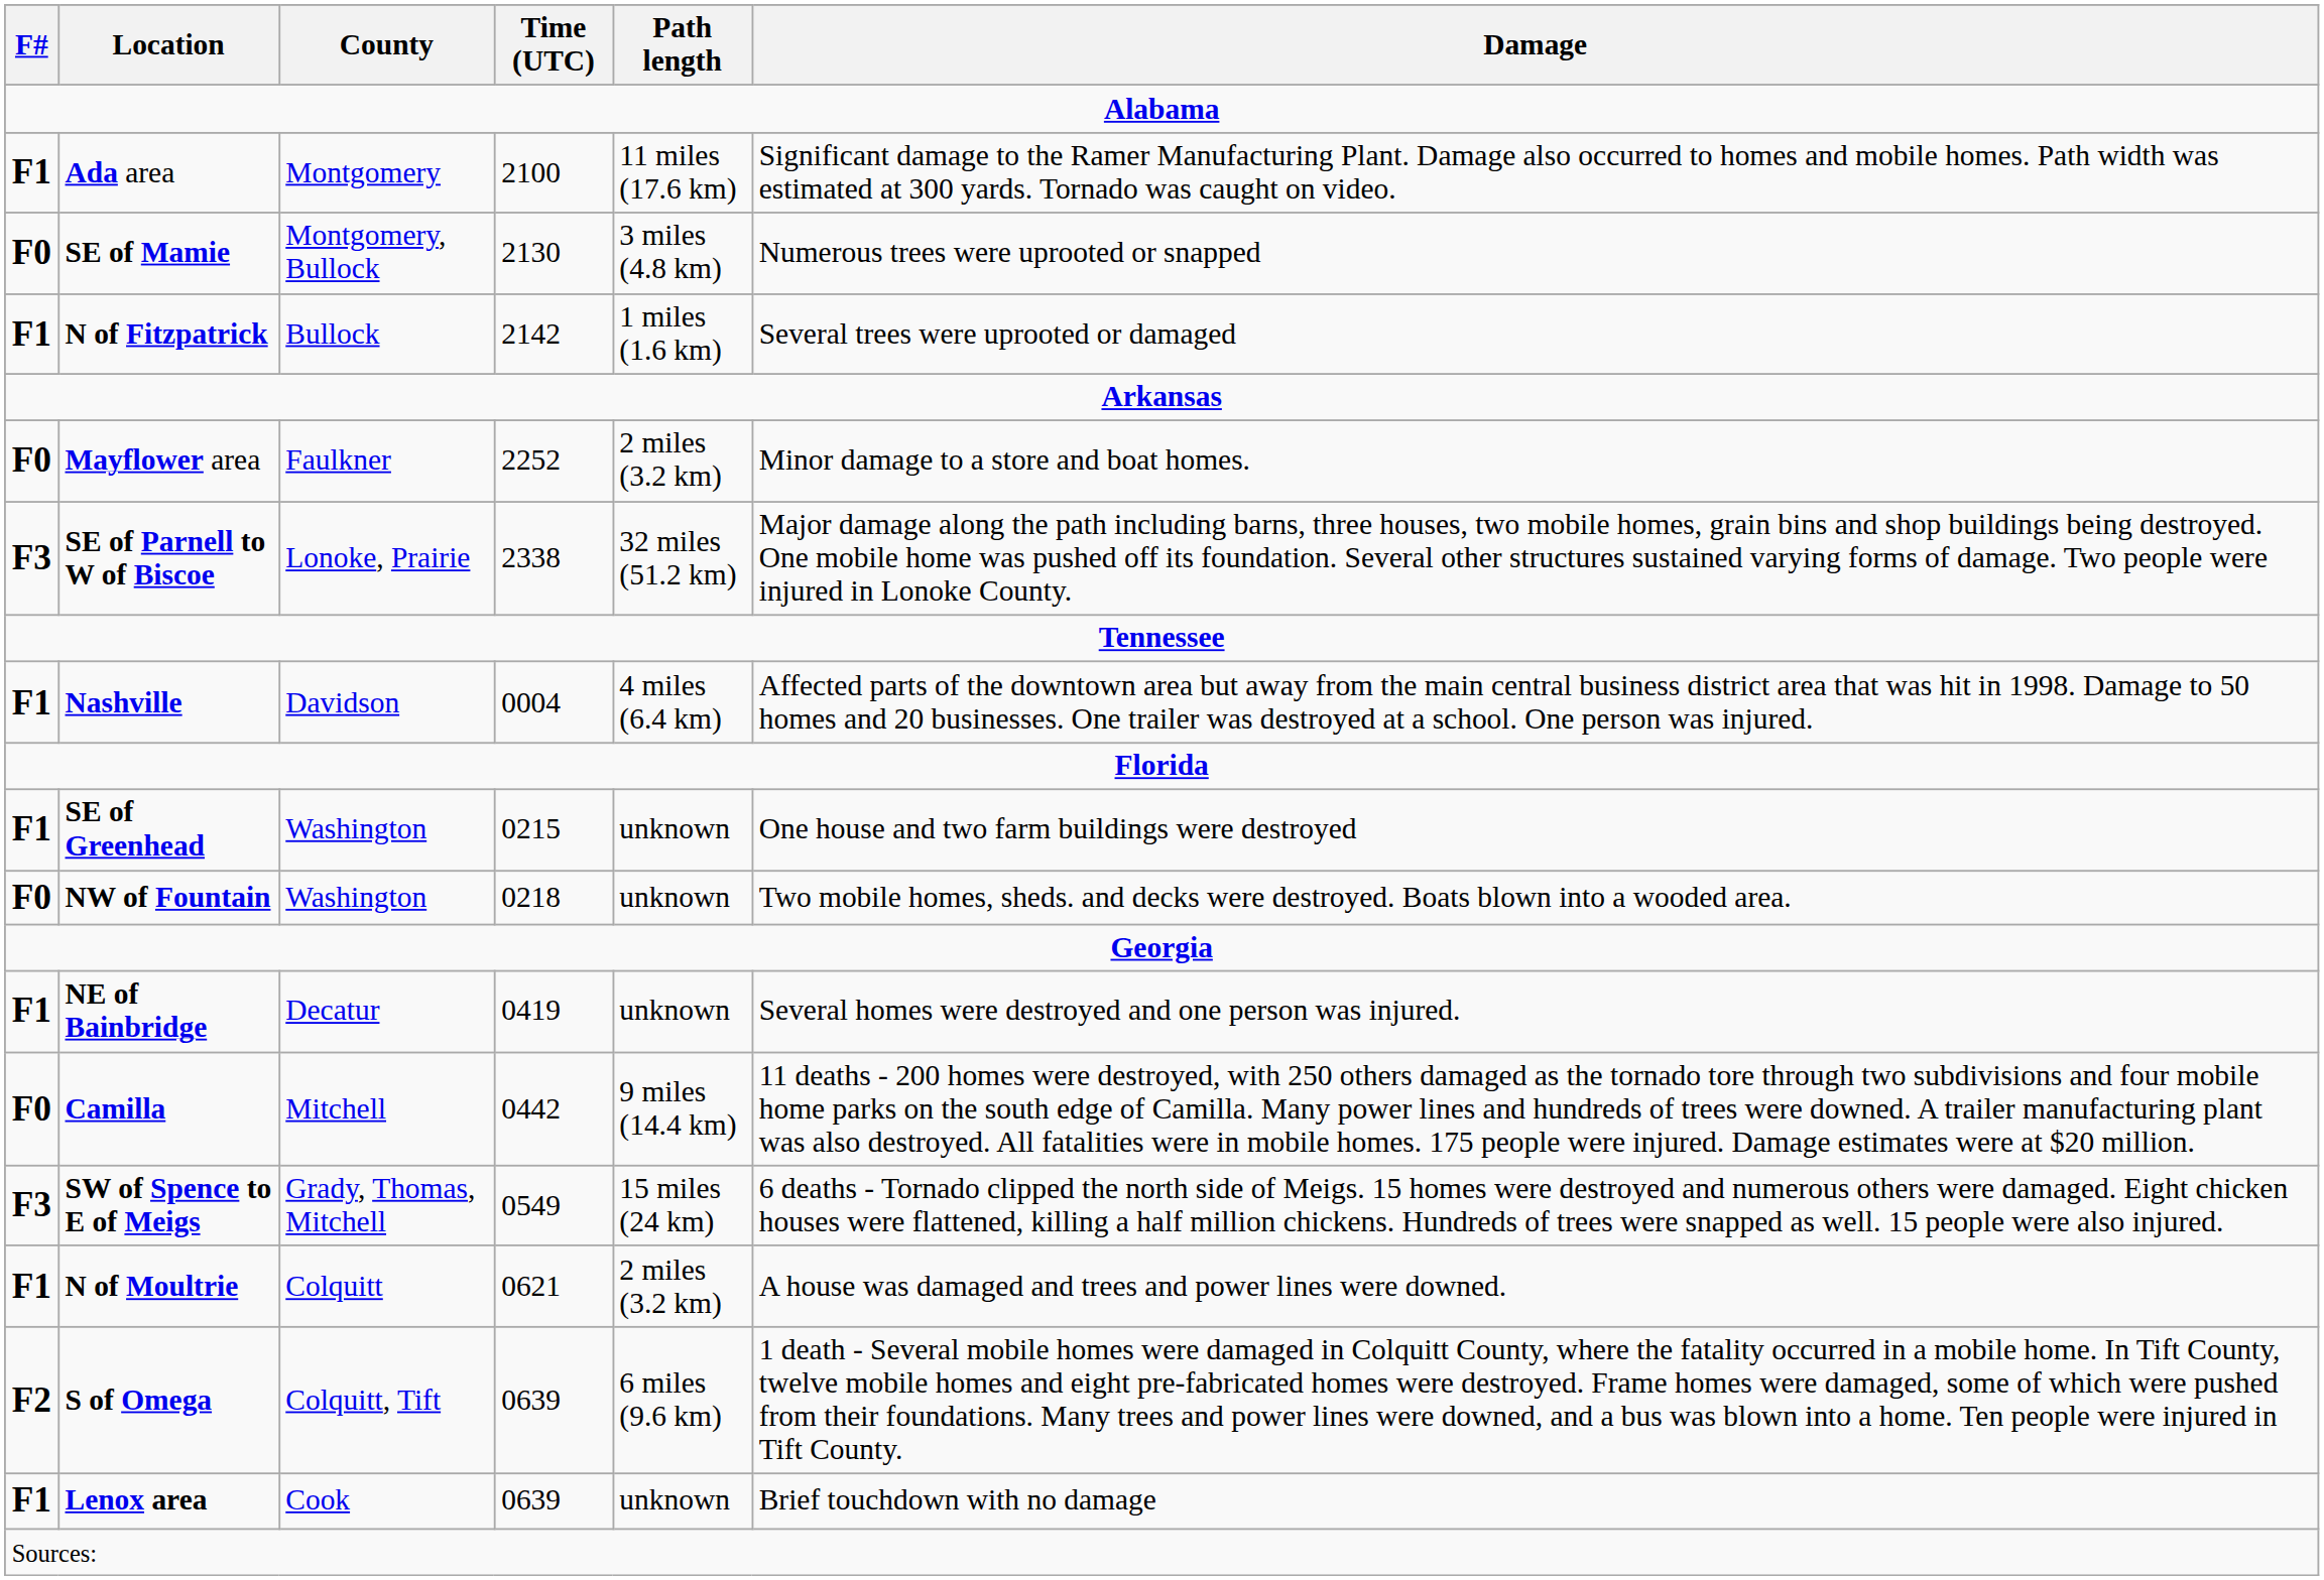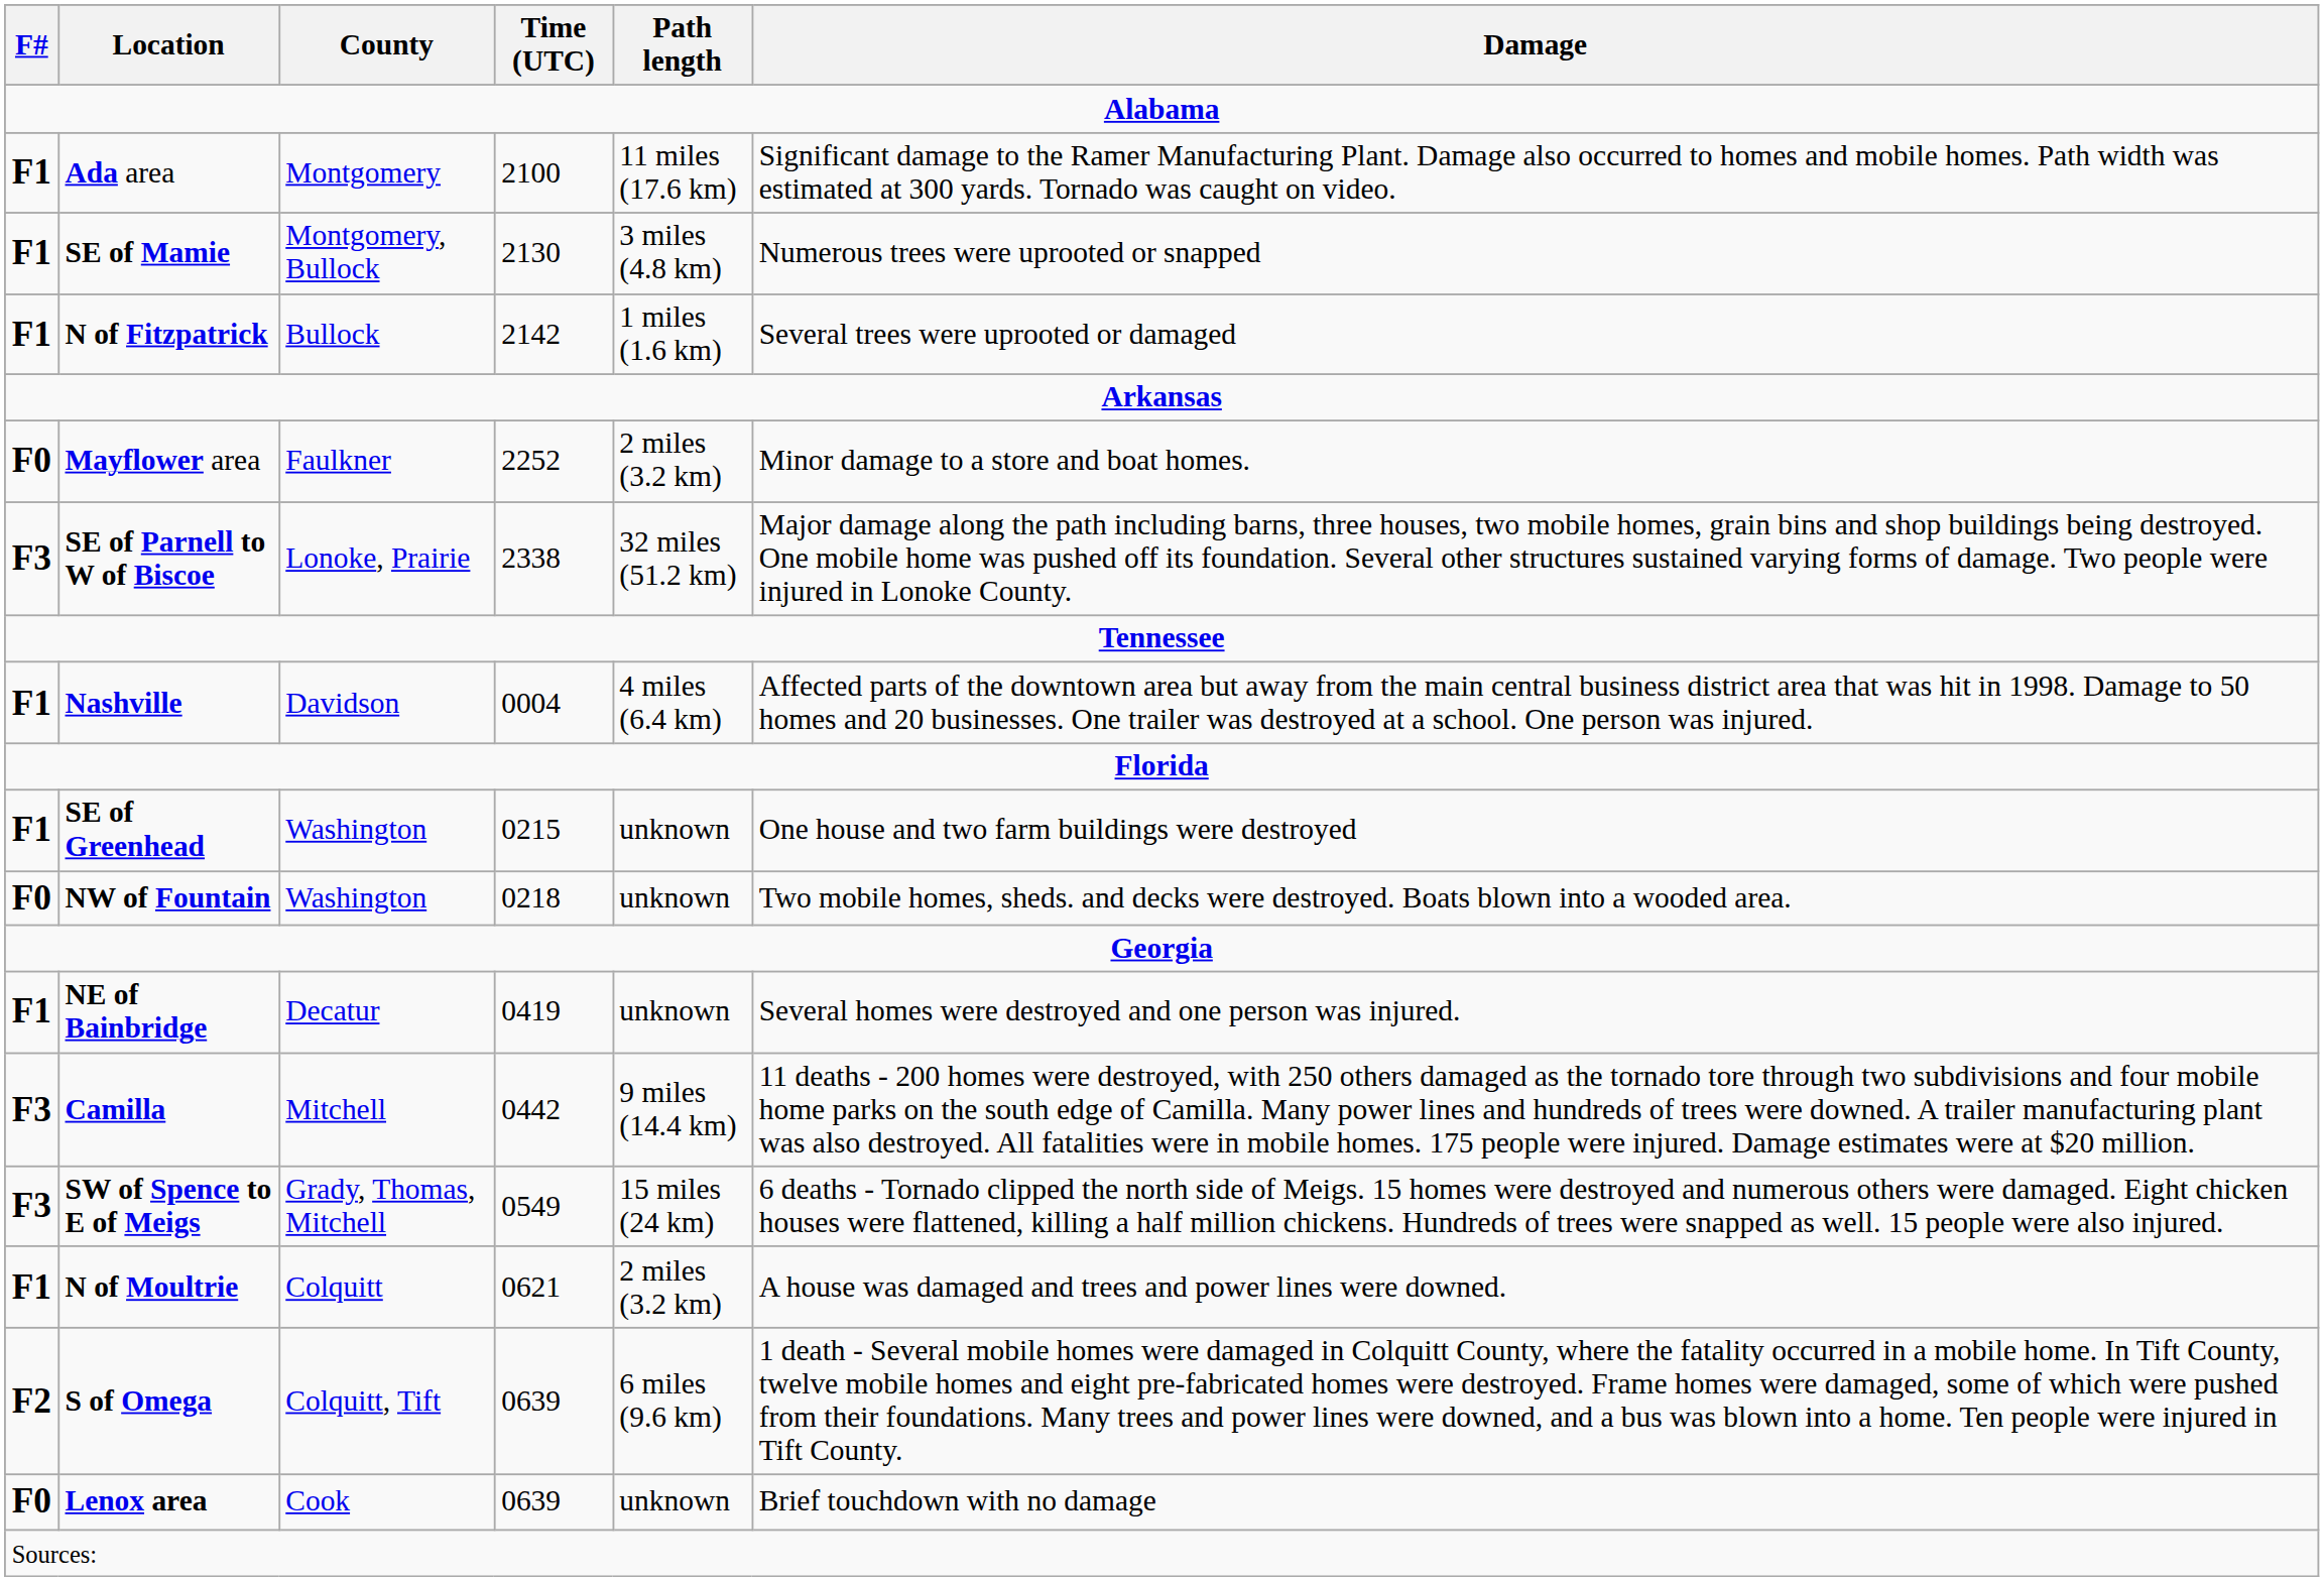 <table class="wikitable">
 <tr>
 <th><strong><a href='#'>F#</a></strong></th>
 <th><strong>Location</strong></th>
 <th><strong>County</strong></th>
 <th><strong>Time (UTC)</strong></th>
 <th><strong>Path length</strong></th>
 <th><strong>Damage</strong></th>
 </tr>
 <tr>
 <td colspan="7" align=center><strong><a href='#'>Alabama</a></strong></td>
 </tr>
 <tr>
 <td><big><strong>F1</strong></big></td>
 <td><strong><a href='#'>Ada</a></strong> area</td>
 <td><a href='#'>Montgomery</a></td>
 <td>2100</td>
 <td>11 miles <br> (17.6 km)</td>
 <td>Significant damage to the Ramer Manufacturing Plant. Damage also occurred to homes and mobile homes. Path width was estimated at 300 yards. Tornado was caught on video.</td>
 </tr>
 <tr>
-<td><big><strong>F0</strong></big></td>
+<td><big><strong>F1</strong></big></td>
 <td><strong>SE of <a href='#'>Mamie</a></strong></td>
 <td><a href='#'>Montgomery</a>, <a href='#'>Bullock</a></td>
 <td>2130</td>
 <td>3 miles <br> (4.8 km)</td>
 <td>Numerous trees were uprooted or snapped</td>
 </tr>
 <tr>
 <td><big><strong>F1</strong></big></td>
 <td><strong>N of <a href='#'>Fitzpatrick</a></strong></td>
 <td><a href='#'>Bullock</a></td>
 <td>2142</td>
 <td>1 miles <br> (1.6 km)</td>
 <td>Several trees were uprooted or damaged</td>
 </tr>
 <tr>
 <td colspan="7" align=center><strong><a href='#'>Arkansas</a></strong></td>
 </tr>
 <tr>
 <td><big><strong>F0</strong></big></td>
 <td><strong><a href='#'>Mayflower</a></strong> area</td>
 <td><a href='#'>Faulkner</a></td>
 <td>2252</td>
 <td>2 miles <br> (3.2 km)</td>
 <td>Minor damage to a store and boat homes.</td>
 </tr>
 <tr>
 <td><big><strong>F3</strong></big></td>
 <td><strong>SE of <a href='#'>Parnell</a> to W of <a href='#'>Biscoe</a></strong></td>
 <td><a href='#'>Lonoke</a>, <a href='#'>Prairie</a></td>
 <td>2338</td>
 <td>32 miles <br> (51.2 km)</td>
 <td>Major damage along the path including barns, three houses, two mobile homes, grain bins and shop buildings being destroyed. One mobile home was pushed off its foundation. Several other structures sustained varying forms of damage. Two people were injured in Lonoke County.</td>
 </tr>
 <tr>
 <td colspan="7" align=center><strong><a href='#'>Tennessee</a></strong></td>
 </tr>
 <tr>
 <td><big><strong>F1</strong></big></td>
 <td><strong><a href='#'>Nashville</a></strong></td>
 <td><a href='#'>Davidson</a></td>
 <td>0004</td>
 <td>4 miles <br> (6.4 km)</td>
 <td>Affected parts of the downtown area but away from the main central business district area that was hit in 1998. Damage to 50 homes and 20 businesses. One trailer was destroyed at a school. One person was injured.</td>
 </tr>
 <tr>
 <td colspan="7" align=center><strong><a href='#'>Florida</a></strong></td>
 </tr>
 <tr>
 <td><big><strong>F1</strong></big></td>
 <td><strong>SE of <a href='#'>Greenhead</a></strong></td>
 <td><a href='#'>Washington</a></td>
 <td>0215</td>
 <td>unknown</td>
 <td>One house and two farm buildings were destroyed</td>
 </tr>
 <tr>
 <td><big><strong>F0</strong></big></td>
 <td><strong>NW of <a href='#'>Fountain</a></strong></td>
 <td><a href='#'>Washington</a></td>
 <td>0218</td>
 <td>unknown</td>
 <td>Two mobile homes, sheds. and decks were destroyed. Boats blown into a wooded area.</td>
 </tr>
 <tr>
 <td colspan="7" align=center><strong><a href='#'>Georgia</a></strong></td>
 </tr>
 <tr>
 <td><big><strong>F1</strong></big></td>
 <td><strong>NE of <a href='#'>Bainbridge</a></strong></td>
 <td><a href='#'>Decatur</a></td>
 <td>0419</td>
 <td>unknown</td>
 <td>Several homes were destroyed and one person was injured.</td>
 </tr>
 <tr>
-<td><big><strong>F0</strong></big></td>
+<td><big><strong>F3</strong></big></td>
 <td><strong><a href='#'>Camilla</a></strong></td>
 <td><a href='#'>Mitchell</a></td>
 <td>0442</td>
 <td>9 miles <br> (14.4 km)</td>
 <td>11 deaths -  200 homes were destroyed, with 250 others damaged as the tornado tore through two subdivisions and four mobile home parks on the south edge of Camilla. Many power lines and hundreds of trees were downed. A trailer manufacturing plant was also destroyed. All fatalities were in mobile homes. 175 people were injured. Damage estimates were at $20 million.</td>
 </tr>
 <tr>
 <td><big><strong>F3</strong></big></td>
 <td><strong>SW of <a href='#'>Spence</a> to E of <a href='#'>Meigs</a></strong></td>
 <td><a href='#'>Grady</a>, <a href='#'>Thomas</a>, <a href='#'>Mitchell</a></td>
 <td>0549</td>
 <td>15 miles <br> (24 km)</td>
 <td>6 deaths - Tornado clipped the north side of Meigs. 15 homes were destroyed and numerous others were damaged. Eight chicken houses were flattened, killing a half million chickens. Hundreds of trees were snapped as well. 15 people were also injured.</td>
 </tr>
 <tr>
 <td><big><strong>F1</strong></big></td>
 <td><strong>N of <a href='#'>Moultrie</a></strong></td>
 <td><a href='#'>Colquitt</a></td>
 <td>0621</td>
 <td>2 miles <br> (3.2 km)</td>
 <td>A house was damaged and trees and power lines were downed.</td>
 </tr>
 <tr>
 <td><big><strong>F2</strong></big></td>
 <td><strong>S of <a href='#'>Omega</a></strong></td>
 <td><a href='#'>Colquitt</a>, <a href='#'>Tift</a></td>
 <td>0639</td>
 <td>6 miles <br> (9.6 km)</td>
 <td>1 death - Several mobile homes were damaged in Colquitt County, where the fatality occurred in a mobile home. In Tift County, twelve mobile homes and eight pre-fabricated homes were destroyed. Frame homes were damaged, some of which were pushed from their foundations. Many trees and power lines were downed, and a bus was blown into a home. Ten people were injured in Tift County.</td>
 </tr>
 <tr>
-<td><big><strong>F1</strong></big></td>
+<td><big><strong>F0</strong></big></td>
 <td><strong><a href='#'>Lenox</a> area</strong></td>
 <td><a href='#'>Cook</a></td>
 <td>0639</td>
 <td>unknown</td>
 <td>Brief touchdown with no damage</td>
 </tr>
 <tr>
 <td colspan="7"><small>Sources:</small></td>
 </tr>
 </table>
